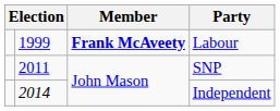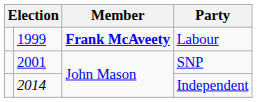 <table class="wikitable">
 <tr>
 <th colspan="2">Election</th>
 <th>Member</th>
 <th>Party</th>
 </tr>
 <tr>
 <td style="background-color: "></td>
 <td><a href='#'>1999</a></td>
 <td><strong><a href='#'>Frank McAveety</a></strong></td>
 <td><a href='#'>Labour</a></td>
 </tr>
 <tr>
 <td style="background-color: "></td>
-<td><a href='#'>2011</a></td>
+<td><a href='#'>2001</a></td>
 <td rowspan=2><a href='#'>John Mason</a></td>
 <td><a href='#'>SNP</a></td>
 </tr>
 <tr>
 <td style="background-color: "></td>
 <td><em>2014</em></td>
 <td><a href='#'>Independent</a></td>
 </tr>
 </table>
